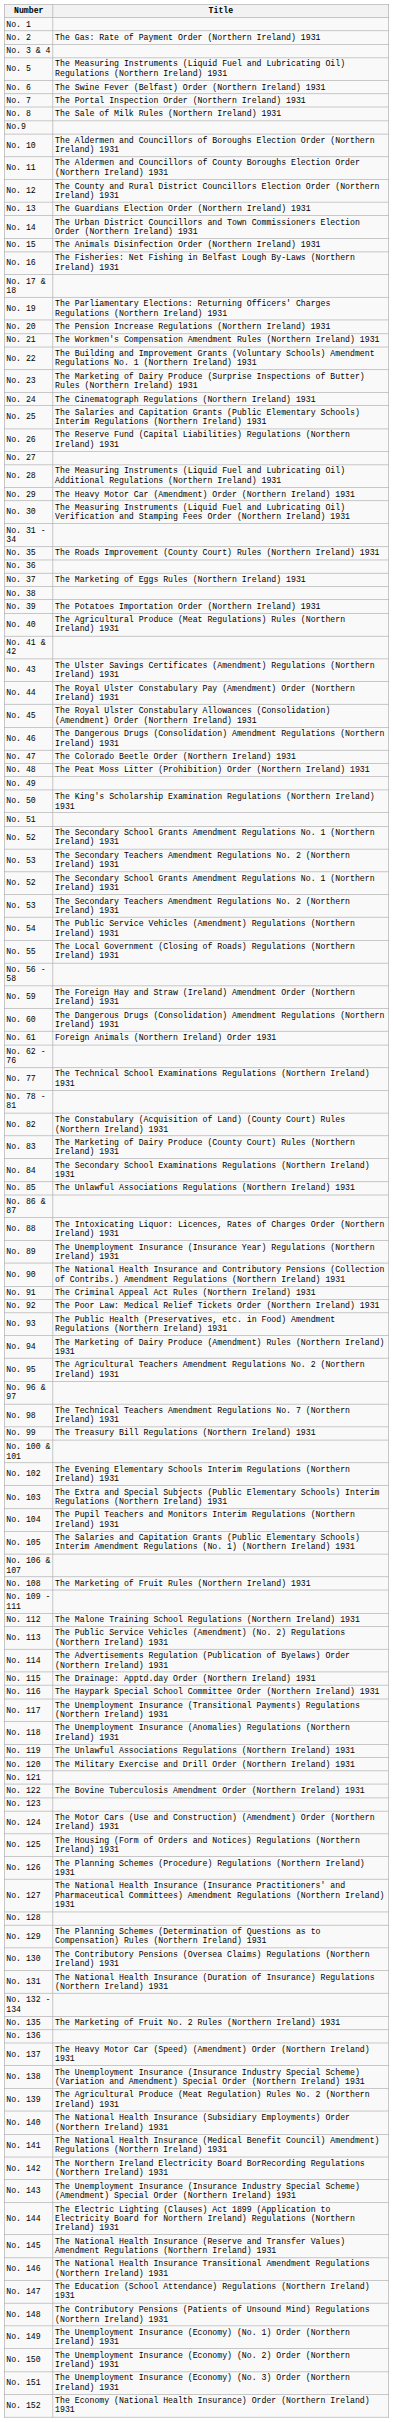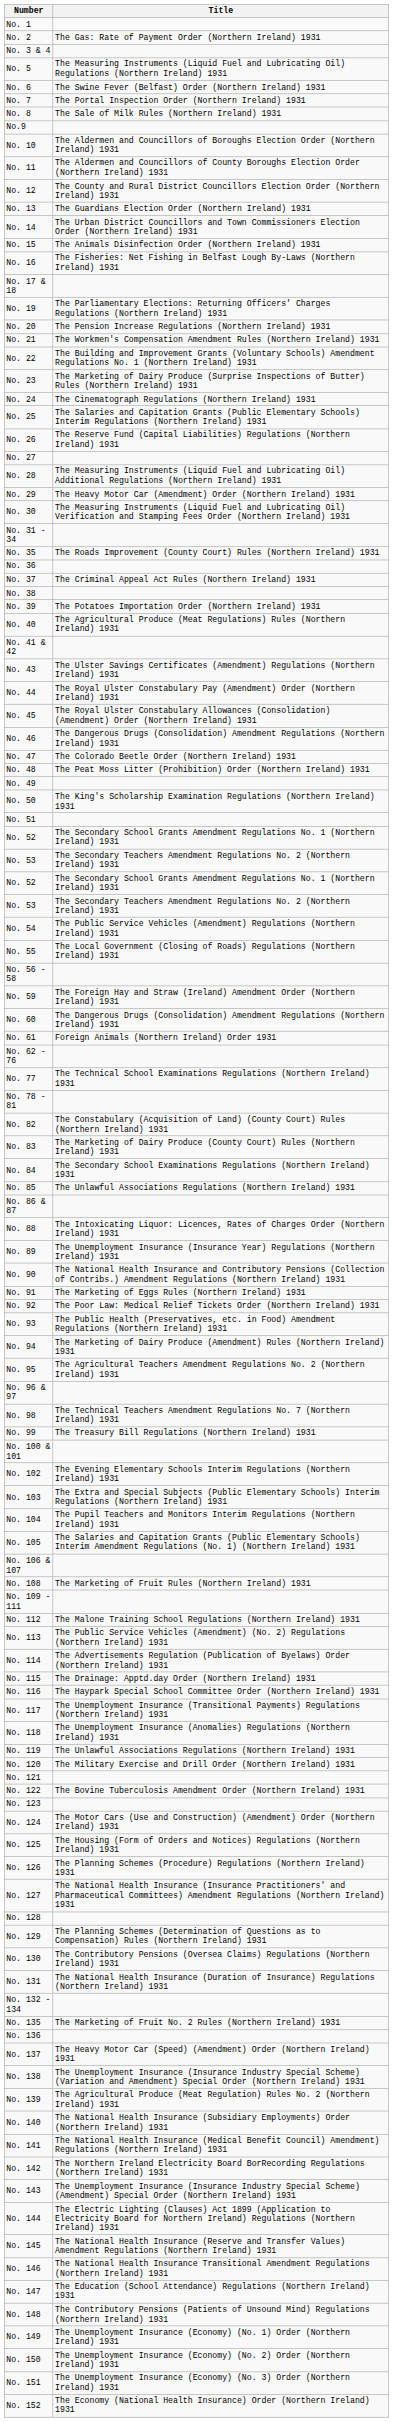 <table class="wikitable collapsible">
 <tr>
 <th>Number</th>
 <th>Title</th>
 </tr>
 <tr>
 <td>No. 1</td>
 <td></td>
 </tr>
 <tr>
 <td>No. 2</td>
 <td>The Gas: Rate of Payment Order (Northern Ireland) 1931</td>
 </tr>
 <tr>
 <td>No. 3 & 4</td>
 <td></td>
 </tr>
 <tr>
 <td>No. 5</td>
 <td>The Measuring Instruments (Liquid Fuel and Lubricating Oil) Regulations (Northern Ireland) 1931</td>
 </tr>
 <tr>
 <td>No. 6</td>
 <td>The Swine Fever (Belfast) Order (Northern Ireland) 1931</td>
 </tr>
 <tr>
 <td>No. 7</td>
 <td>The Portal Inspection Order (Northern Ireland) 1931</td>
 </tr>
 <tr>
 <td>No. 8</td>
 <td>The Sale of Milk Rules (Northern Ireland) 1931</td>
 </tr>
 <tr>
 <td>No.9</td>
 <td></td>
 </tr>
 <tr>
 <td>No. 10</td>
 <td>The Aldermen and Councillors of Boroughs Election Order (Northern Ireland) 1931</td>
 </tr>
 <tr>
 <td>No. 11</td>
 <td>The Aldermen and Councillors of County Boroughs Election Order (Northern Ireland) 1931</td>
 </tr>
 <tr>
 <td>No. 12</td>
 <td>The County and Rural District Councillors Election Order (Northern Ireland) 1931</td>
 </tr>
 <tr>
 <td>No. 13</td>
 <td>The Guardians Election Order (Northern Ireland) 1931</td>
 </tr>
 <tr>
 <td>No. 14</td>
 <td>The Urban District Councillors and Town Commissioners Election Order (Northern Ireland) 1931</td>
 </tr>
 <tr>
 <td>No. 15</td>
 <td>The Animals Disinfection Order (Northern Ireland) 1931</td>
 </tr>
 <tr>
 <td>No. 16</td>
 <td>The Fisheries: Net Fishing in Belfast Lough By-Laws (Northern Ireland) 1931</td>
 </tr>
 <tr>
 <td>No. 17 & 18</td>
 <td></td>
 </tr>
 <tr>
 <td>No. 19</td>
 <td>The Parliamentary Elections: Returning Officers' Charges Regulations (Northern Ireland) 1931</td>
 </tr>
 <tr>
 <td>No. 20</td>
 <td>The Pension Increase Regulations (Northern Ireland) 1931</td>
 </tr>
 <tr>
 <td>No. 21</td>
 <td>The Workmen's Compensation Amendment Rules (Northern Ireland) 1931</td>
 </tr>
 <tr>
 <td>No. 22</td>
 <td>The Building and Improvement Grants (Voluntary Schools) Amendment Regulations No. 1 (Northern Ireland) 1931</td>
 </tr>
 <tr>
 <td>No. 23</td>
 <td>The Marketing of Dairy Produce (Surprise Inspections of Butter) Rules (Northern Ireland) 1931</td>
 </tr>
 <tr>
 <td>No. 24</td>
 <td>The Cinematograph Regulations (Northern Ireland) 1931</td>
 </tr>
 <tr>
 <td>No. 25</td>
 <td>The Salaries and Capitation Grants (Public Elementary Schools) Interim Regulations (Northern Ireland) 1931</td>
 </tr>
 <tr>
 <td>No. 26</td>
 <td>The Reserve Fund (Capital Liabilities) Regulations (Northern Ireland) 1931</td>
 </tr>
 <tr>
 <td>No. 27</td>
 <td></td>
 </tr>
 <tr>
 <td>No. 28</td>
 <td>The Measuring Instruments (Liquid Fuel and Lubricating Oil) Additional Regulations (Northern Ireland) 1931</td>
 </tr>
 <tr>
 <td>No. 29</td>
 <td>The Heavy Motor Car (Amendment) Order (Northern Ireland) 1931</td>
 </tr>
 <tr>
 <td>No. 30</td>
 <td>The Measuring Instruments (Liquid Fuel and Lubricating Oil) Verification and Stamping Fees Order (Northern Ireland) 1931</td>
 </tr>
 <tr>
 <td>No. 31 - 34</td>
 <td></td>
 </tr>
 <tr>
 <td>No. 35</td>
 <td>The Roads Improvement (County Court) Rules (Northern Ireland) 1931</td>
 </tr>
 <tr>
 <td>No. 36</td>
 <td></td>
 </tr>
 <tr>
 <td>No. 37</td>
-<td>The Marketing of Eggs Rules (Northern Ireland) 1931</td>
+<td>The Criminal Appeal Act Rules (Northern Ireland) 1931</td>
 </tr>
 <tr>
 <td>No. 38</td>
 <td></td>
 </tr>
 <tr>
 <td>No. 39</td>
 <td>The Potatoes Importation Order (Northern Ireland) 1931</td>
 </tr>
 <tr>
 <td>No. 40</td>
 <td>The Agricultural Produce (Meat Regulations) Rules (Northern Ireland) 1931</td>
 </tr>
 <tr>
 <td>No. 41 & 42</td>
 <td></td>
 </tr>
 <tr>
 <td>No. 43</td>
 <td>The Ulster Savings Certificates (Amendment) Regulations (Northern Ireland) 1931</td>
 </tr>
 <tr>
 <td>No. 44</td>
 <td>The Royal Ulster Constabulary Pay (Amendment) Order (Northern Ireland) 1931</td>
 </tr>
 <tr>
 <td>No. 45</td>
 <td>The Royal Ulster Constabulary Allowances (Consolidation) (Amendment) Order (Northern Ireland) 1931</td>
 </tr>
 <tr>
 <td>No. 46</td>
 <td>The Dangerous Drugs (Consolidation) Amendment Regulations (Northern Ireland) 1931</td>
 </tr>
 <tr>
 <td>No. 47</td>
 <td>The Colorado Beetle Order (Northern Ireland) 1931</td>
 </tr>
 <tr>
 <td>No. 48</td>
 <td>The Peat Moss Litter (Prohibition) Order (Northern Ireland) 1931</td>
 </tr>
 <tr>
 <td>No. 49</td>
 <td></td>
 </tr>
 <tr>
 <td>No. 50</td>
 <td>The King's Scholarship Examination Regulations (Northern Ireland) 1931</td>
 </tr>
 <tr>
 <td>No. 51</td>
 <td></td>
 </tr>
 <tr>
 <td>No. 52</td>
 <td>The Secondary School Grants Amendment Regulations No. 1 (Northern Ireland) 1931</td>
 </tr>
 <tr>
 <td>No. 53</td>
 <td>The Secondary Teachers Amendment Regulations No. 2 (Northern Ireland) 1931</td>
 </tr>
 <tr>
 <td>No. 52</td>
 <td>The Secondary School Grants Amendment Regulations No. 1 (Northern Ireland) 1931</td>
 </tr>
 <tr>
 <td>No. 53</td>
 <td>The Secondary Teachers Amendment Regulations No. 2 (Northern Ireland) 1931</td>
 </tr>
 <tr>
 <td>No. 54</td>
 <td>The Public Service Vehicles (Amendment) Regulations (Northern Ireland) 1931</td>
 </tr>
 <tr>
 <td>No. 55</td>
 <td>The Local Government (Closing of Roads) Regulations (Northern Ireland) 1931</td>
 </tr>
 <tr>
 <td>No. 56 - 58</td>
 <td></td>
 </tr>
 <tr>
 <td>No. 59</td>
 <td>The Foreign Hay and Straw (Ireland) Amendment Order (Northern Ireland) 1931</td>
 </tr>
 <tr>
 <td>No. 60</td>
 <td>The Dangerous Drugs (Consolidation) Amendment Regulations (Northern Ireland) 1931</td>
 </tr>
 <tr>
 <td>No. 61</td>
 <td>Foreign Animals (Northern Ireland) Order 1931</td>
 </tr>
 <tr>
 <td>No. 62 - 76</td>
 <td></td>
 </tr>
 <tr>
 <td>No. 77</td>
 <td>The Technical School Examinations Regulations (Northern Ireland) 1931</td>
 </tr>
 <tr>
 <td>No. 78 - 81</td>
 <td></td>
 </tr>
 <tr>
 <td>No. 82</td>
 <td>The Constabulary (Acquisition of Land) (County Court) Rules (Northern Ireland) 1931</td>
 </tr>
 <tr>
 <td>No. 83</td>
 <td>The Marketing of Dairy Produce (County Court) Rules (Northern Ireland) 1931</td>
 </tr>
 <tr>
 <td>No. 84</td>
 <td>The Secondary School Examinations Regulations (Northern Ireland) 1931</td>
 </tr>
 <tr>
 <td>No. 85</td>
 <td>The Unlawful Associations Regulations (Northern Ireland) 1931</td>
 </tr>
 <tr>
 <td>No. 86 & 87</td>
 <td></td>
 </tr>
 <tr>
 <td>No. 88</td>
 <td>The Intoxicating Liquor: Licences, Rates of Charges Order (Northern Ireland) 1931</td>
 </tr>
 <tr>
 <td>No. 89</td>
 <td>The Unemployment Insurance (Insurance Year) Regulations (Northern Ireland) 1931</td>
 </tr>
 <tr>
 <td>No. 90</td>
 <td>The National Health Insurance and Contributory Pensions (Collection of Contribs.) Amendment Regulations (Northern Ireland) 1931</td>
 </tr>
 <tr>
 <td>No. 91</td>
-<td>The Criminal Appeal Act Rules (Northern Ireland) 1931</td>
+<td>The Marketing of Eggs Rules (Northern Ireland) 1931</td>
 </tr>
 <tr>
 <td>No. 92</td>
 <td>The Poor Law: Medical Relief Tickets Order (Northern Ireland) 1931</td>
 </tr>
 <tr>
 <td>No. 93</td>
 <td>The Public Health (Preservatives, etc. in Food) Amendment Regulations (Northern Ireland) 1931</td>
 </tr>
 <tr>
 <td>No. 94</td>
 <td>The Marketing of Dairy Produce (Amendment) Rules (Northern Ireland) 1931</td>
 </tr>
 <tr>
 <td>No. 95</td>
 <td>The Agricultural Teachers Amendment Regulations No. 2 (Northern Ireland) 1931</td>
 </tr>
 <tr>
 <td>No. 96 & 97</td>
 <td></td>
 </tr>
 <tr>
 <td>No. 98</td>
 <td>The Technical Teachers Amendment Regulations No. 7 (Northern Ireland) 1931</td>
 </tr>
 <tr>
 <td>No. 99</td>
 <td>The Treasury Bill Regulations (Northern Ireland) 1931</td>
 </tr>
 <tr>
 <td>No. 100 & 101</td>
 <td></td>
 </tr>
 <tr>
 <td>No. 102</td>
 <td>The Evening Elementary Schools Interim Regulations (Northern Ireland) 1931</td>
 </tr>
 <tr>
 <td>No. 103</td>
 <td>The Extra and Special Subjects (Public Elementary Schools) Interim Regulations (Northern Ireland) 1931</td>
 </tr>
 <tr>
 <td>No. 104</td>
 <td>The Pupil Teachers and Monitors Interim Regulations (Northern Ireland) 1931</td>
 </tr>
 <tr>
 <td>No. 105</td>
 <td>The Salaries and Capitation Grants (Public Elementary Schools) Interim Amendment Regulations (No. 1) (Northern Ireland) 1931</td>
 </tr>
 <tr>
 <td>No. 106 & 107</td>
 <td></td>
 </tr>
 <tr>
 <td>No. 108</td>
 <td>The Marketing of Fruit Rules (Northern Ireland) 1931</td>
 </tr>
 <tr>
 <td>No. 109 - 111</td>
 <td></td>
 </tr>
 <tr>
 <td>No. 112</td>
 <td>The Malone Training School Regulations (Northern Ireland) 1931</td>
 </tr>
 <tr>
 <td>No. 113</td>
 <td>The Public Service Vehicles (Amendment) (No. 2) Regulations (Northern Ireland) 1931</td>
 </tr>
 <tr>
 <td>No. 114</td>
 <td>The Advertisements Regulation (Publication of Byelaws) Order (Northern Ireland) 1931</td>
 </tr>
 <tr>
 <td>No. 115</td>
 <td>The Drainage: Apptd.day Order (Northern Ireland) 1931</td>
 </tr>
 <tr>
 <td>No. 116</td>
 <td>The Haypark Special School Committee Order (Northern Ireland) 1931</td>
 </tr>
 <tr>
 <td>No. 117</td>
 <td>The Unemployment Insurance (Transitional Payments) Regulations (Northern Ireland) 1931</td>
 </tr>
 <tr>
 <td>No. 118</td>
 <td>The Unemployment Insurance (Anomalies) Regulations (Northern Ireland) 1931</td>
 </tr>
 <tr>
 <td>No. 119</td>
 <td>The Unlawful Associations Regulations (Northern Ireland) 1931</td>
 </tr>
 <tr>
 <td>No. 120</td>
 <td>The Military Exercise and Drill Order (Northern Ireland) 1931</td>
 </tr>
 <tr>
 <td>No. 121</td>
 <td></td>
 </tr>
 <tr>
 <td>No. 122</td>
 <td>The Bovine Tuberculosis Amendment Order (Northern Ireland) 1931</td>
 </tr>
 <tr>
 <td>No. 123</td>
 <td></td>
 </tr>
 <tr>
 <td>No. 124</td>
 <td>The Motor Cars (Use and Construction) (Amendment) Order (Northern Ireland) 1931</td>
 </tr>
 <tr>
 <td>No. 125</td>
 <td>The Housing (Form of Orders and Notices) Regulations (Northern Ireland) 1931</td>
 </tr>
 <tr>
 <td>No. 126</td>
 <td>The Planning Schemes (Procedure) Regulations (Northern Ireland) 1931</td>
 </tr>
 <tr>
 <td>No. 127</td>
 <td>The National Health Insurance (Insurance Practitioners' and Pharmaceutical Committees) Amendment Regulations (Northern Ireland) 1931</td>
 </tr>
 <tr>
 <td>No. 128</td>
 <td></td>
 </tr>
 <tr>
 <td>No. 129</td>
 <td>The Planning Schemes (Determination of Questions as to Compensation) Rules (Northern Ireland) 1931</td>
 </tr>
 <tr>
 <td>No. 130</td>
 <td>The Contributory Pensions (Oversea Claims) Regulations (Northern Ireland) 1931</td>
 </tr>
 <tr>
 <td>No. 131</td>
 <td>The National Health Insurance (Duration of Insurance) Regulations (Northern Ireland) 1931</td>
 </tr>
 <tr>
 <td>No. 132 - 134</td>
 <td></td>
 </tr>
 <tr>
 <td>No. 135</td>
 <td>The Marketing of Fruit No. 2 Rules (Northern Ireland) 1931</td>
 </tr>
 <tr>
 <td>No. 136</td>
 <td></td>
 </tr>
 <tr>
 <td>No. 137</td>
 <td>The Heavy Motor Car (Speed) (Amendment) Order (Northern Ireland) 1931</td>
 </tr>
 <tr>
 <td>No. 138</td>
 <td>The Unemployment Insurance (Insurance Industry Special Scheme) (Variation and Amendment) Special Order (Northern Ireland) 1931</td>
 </tr>
 <tr>
 <td>No. 139</td>
 <td>The Agricultural Produce (Meat Regulation) Rules No. 2 (Northern Ireland) 1931</td>
 </tr>
 <tr>
 <td>No. 140</td>
 <td>The National Health Insurance (Subsidiary Employments) Order (Northern Ireland) 1931</td>
 </tr>
 <tr>
 <td>No. 141</td>
 <td>The National Health Insurance (Medical Benefit Council) Amendment) Regulations (Northern Ireland) 1931</td>
 </tr>
 <tr>
 <td>No. 142</td>
 <td>The Northern Ireland Electricity Board BorRecording Regulations (Northern Ireland) 1931</td>
 </tr>
 <tr>
 <td>No. 143</td>
 <td>The Unemployment Insurance (Insurance Industry Special Scheme) (Amendment) Special Order (Northern Ireland) 1931</td>
 </tr>
 <tr>
 <td>No. 144</td>
 <td>The Electric Lighting (Clauses) Act 1899 (Application to Electricity Board for Northern Ireland) Regulations (Northern Ireland) 1931</td>
 </tr>
 <tr>
 <td>No. 145</td>
 <td>The National Health Insurance (Reserve and Transfer Values) Amendment Regulations (Northern Ireland) 1931</td>
 </tr>
 <tr>
 <td>No. 146</td>
 <td>The National Health Insurance Transitional Amendment Regulations (Northern Ireland) 1931</td>
 </tr>
 <tr>
 <td>No. 147</td>
 <td>The Education (School Attendance) Regulations (Northern Ireland) 1931</td>
 </tr>
 <tr>
 <td>No. 148</td>
 <td>The Contributory Pensions (Patients of Unsound Mind) Regulations (Northern Ireland) 1931</td>
 </tr>
 <tr>
 <td>No. 149</td>
 <td>The Unemployment Insurance (Economy) (No. 1) Order (Northern Ireland) 1931</td>
 </tr>
 <tr>
 <td>No. 150</td>
 <td>The Unemployment Insurance (Economy) (No. 2) Order (Northern Ireland) 1931</td>
 </tr>
 <tr>
 <td>No. 151</td>
 <td>The Unemployment Insurance (Economy) (No. 3) Order (Northern Ireland) 1931</td>
 </tr>
 <tr>
 <td>No. 152</td>
 <td>The Economy (National Health Insurance) Order (Northern Ireland) 1931</td>
 </tr>
 </table>
